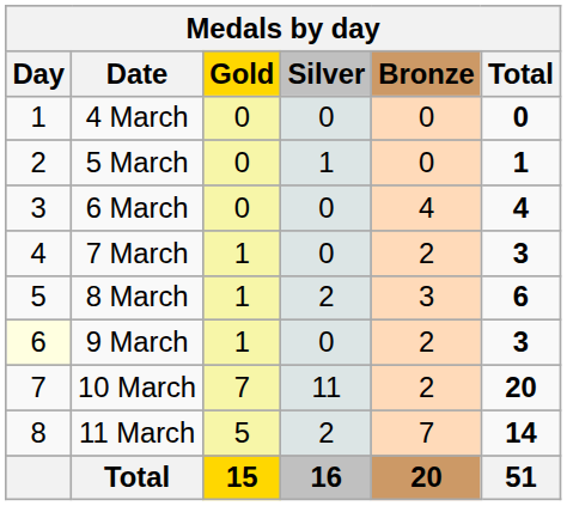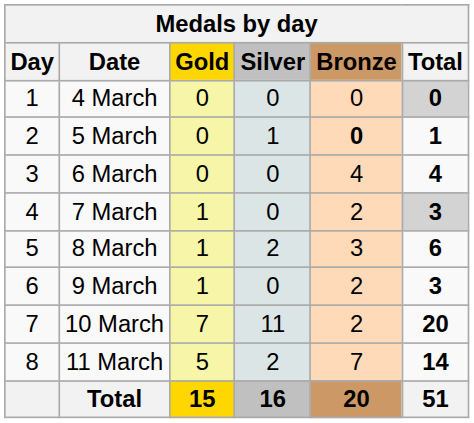 <table class="wikitable sortable" style="font-size:90%; text-align:center;">
 <tr style="background:#efefef;">
 <th colspan=6>Medals by day</th>
 </tr>
 <tr>
 <th><strong>Day</strong></th>
 <th><strong>Date</strong></th>
 <th style="background-color:gold;"><strong>Gold </strong></th>
 <th style="background-color:silver;"><strong>Silver </strong></th>
 <th style="background-color:#c96;"><strong>Bronze </strong></th>
 <th><strong>Total</strong></th>
 </tr>
 <tr>
 <td>1</td>
 <td>4 March</td>
 <td style="background:#F7F6A8">0</td>
 <td style="background:#DCE5E5">0</td>
 <td style="background:#FFDAB9">0</td>
-<td><strong>0</strong></td>
+<td style="background: lightgrey;"><strong>0</strong></td>
 </tr>
 <tr>
 <td>2</td>
 <td>5 March</td>
 <td style="background:#F7F6A8">0</td>
 <td style="background:#DCE5E5">1</td>
-<td style="background:#FFDAB9">0</td>
+<td style="background:#FFDAB9"><strong>0</strong></td>
 <td><strong>1</strong></td>
 </tr>
 <tr>
 <td>3</td>
 <td>6 March</td>
 <td style="background:#F7F6A8">0</td>
 <td style="background:#DCE5E5">0</td>
 <td style="background:#FFDAB9">4</td>
 <td><strong>4</strong></td>
 </tr>
 <tr>
 <td>4</td>
 <td>7 March</td>
 <td style="background:#F7F6A8">1</td>
 <td style="background:#DCE5E5">0</td>
 <td style="background:#FFDAB9">2</td>
-<td><strong>3</strong></td>
+<td style="background: lightgrey;"><strong>3</strong></td>
 </tr>
 <tr>
 <td>5</td>
 <td>8 March</td>
 <td style="background:#F7F6A8">1</td>
 <td style="background:#DCE5E5">2</td>
 <td style="background:#FFDAB9">3</td>
 <td><strong>6</strong></td>
 </tr>
 <tr>
-<td style="background: lightyellow;">6</td>
+<td>6</td>
 <td>9 March</td>
 <td style="background:#F7F6A8">1</td>
 <td style="background:#DCE5E5">0</td>
 <td style="background:#FFDAB9">2</td>
 <td><strong>3</strong></td>
 </tr>
 <tr>
 <td>7</td>
 <td>10 March</td>
 <td style="background:#F7F6A8">7</td>
 <td style="background:#DCE5E5">11</td>
 <td style="background:#FFDAB9">2</td>
 <td><strong>20</strong></td>
 </tr>
 <tr>
 <td>8</td>
 <td>11 March</td>
 <td style="background:#F7F6A8">5</td>
 <td style="background:#DCE5E5">2</td>
 <td style="background:#FFDAB9">7</td>
 <td><strong>14</strong></td>
 </tr>
 <tr>
 <th></th>
 <th>Total</th>
 <th style="background:gold;">15</th>
 <th style="background:silver;">16</th>
 <th style="background:#c96;">20</th>
 <th>51</th>
 </tr>
 </table>
